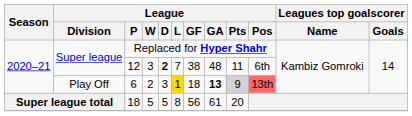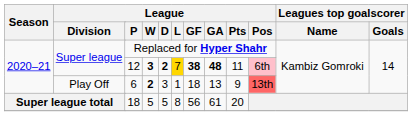 <table class="wikitable" style="text-align: center">
 <tr>
 <th rowspan=2>Season</th>
 <th colspan=10>League</th>
 <th colspan=2>Leagues top goalscorer</th>
 </tr>
 <tr>
 <th colspan=2>Division</th>
 <th>P</th>
 <th>W</th>
 <th>D</th>
 <th>L</th>
 <th>GF</th>
 <th>GA</th>
 <th>Pts</th>
 <th>Pos</th>
 <th>Name</th>
 <th>Goals</th>
 </tr>
 <tr>
 <td rowspan=3><a href='#'>2020–21</a></td>
 <td colspan=2 rowspan=2><a href='#'>Super league</a></td>
 <td colspan=8>Replaced for <strong><a href='#'>Hyper Shahr</a></strong></td>
 <td rowspan=3>Kambiz Gomroki</td>
 <td rowspan=3>14</td>
 </tr>
 <tr>
 <td>12</td>
-<td>3</td>
+<td><strong>3</strong></td>
 <td><strong>2</strong></td>
-<td>7</td>
-<td>38</td>
-<td>48</td>
+<td style="background: gold;">7</td>
+<td><strong>38</strong></td>
+<td><strong>48</strong></td>
 <td>11</td>
-<td>6th</td>
+<td style="background: pink;">6th</td>
 </tr>
 <tr>
 <td colspan=2>Play Off</td>
 <td>6</td>
-<td>2</td>
+<td><strong>2</strong></td>
 <td>3</td>
-<td style="background: gold;">1</td>
+<td>1</td>
 <td>18</td>
-<td><strong>13</strong></td>
-<td style="background: lightgrey;">9</td>
+<td>13</td>
+<td>9</td>
 <td bgcolor="#FF6666">13th</td>
 </tr>
 <tr>
 <th colspan=3>Super league total</th>
 <td>18</td>
 <td>5</td>
 <td>5</td>
 <td>8</td>
 <td>56</td>
 <td>61</td>
 <td>20</td>
 <th colspan=5></th>
 </tr>
 <tr>
 </tr>
 </table>
